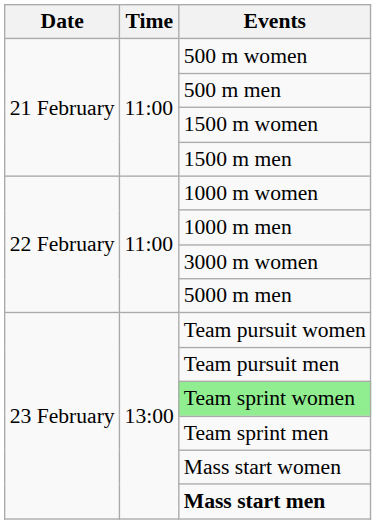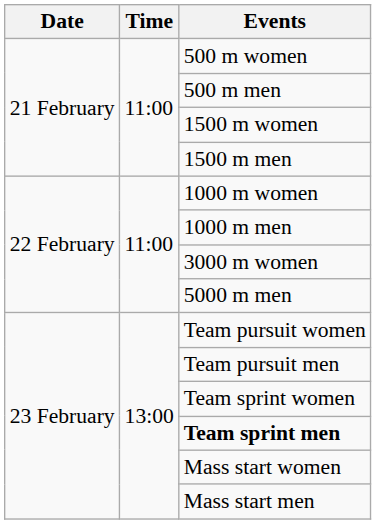 <table class="wikitable" border="1">
 <tr>
 <th>Date</th>
 <th>Time</th>
 <th>Events</th>
 </tr>
 <tr>
 <td rowspan=4>21 February</td>
 <td rowspan=4>11:00</td>
 <td>500 m women</td>
 </tr>
 <tr>
 <td>500 m men</td>
 </tr>
 <tr>
 <td>1500 m women</td>
 </tr>
 <tr>
 <td>1500 m men</td>
 </tr>
 <tr>
 <td rowspan=4>22 February</td>
 <td rowspan=4>11:00</td>
 <td>1000 m women</td>
 </tr>
 <tr>
 <td>1000 m men</td>
 </tr>
 <tr>
 <td>3000 m women</td>
 </tr>
 <tr>
 <td>5000 m men</td>
 </tr>
 <tr>
 <td rowspan=6>23 February</td>
 <td rowspan=6>13:00</td>
 <td>Team pursuit women</td>
 </tr>
 <tr>
 <td>Team pursuit men</td>
 </tr>
 <tr>
-<td style="background: lightgreen;">Team sprint women</td>
+<td>Team sprint women</td>
 </tr>
 <tr>
-<td>Team sprint men</td>
+<td><strong>Team sprint men</strong></td>
 </tr>
 <tr>
 <td>Mass start women</td>
 </tr>
 <tr>
-<td><strong>Mass start men</strong></td>
+<td>Mass start men</td>
 </tr>
 </table>
